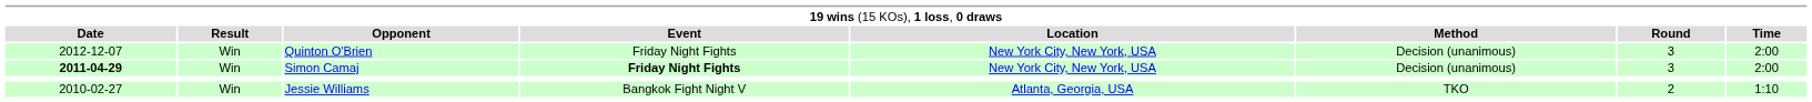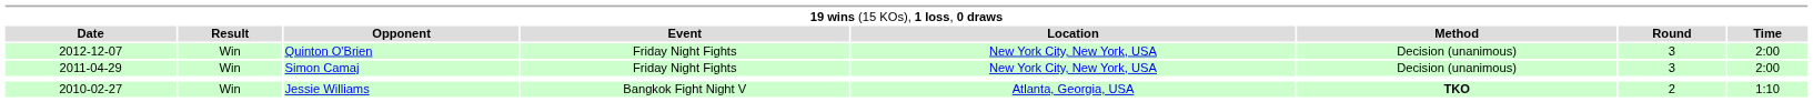 <table class="toccolours" width=100% style="clear:both; margin:1.5em auto; font-size:85%; text-align:center;">
 <tr>
 <th colspan=8 style="background:#A9A9A9"></th>
 </tr>
 <tr valign="top">
 <td colspan=8 style="background:white; color:black;"><strong>19 wins</strong> (15 KOs), <strong>1 loss</strong>, <strong>0 draws</strong></td>
 </tr>
 <tr align="center"  bgcolor="#dddddd">
 <td><strong>Date</strong></td>
 <td><strong>Result</strong></td>
 <td><strong>Opponent</strong></td>
 <td><strong>Event</strong></td>
 <td><strong>Location</strong></td>
 <td><strong>Method</strong></td>
 <td><strong>Round</strong></td>
 <td><strong>Time</strong></td>
 </tr>
 <tr align="center" bgcolor="#CCFFCC">
 <td>2012-12-07</td>
 <td>Win</td>
 <td align=left> <a href='#'>Quinton O'Brien</a></td>
 <td>Friday Night Fights</td>
 <td><a href='#'>New York City, New York, USA</a></td>
 <td>Decision (unanimous)</td>
 <td>3</td>
 <td>2:00</td>
 </tr>
 <tr align="center" bgcolor="#CCFFCC">
-<td><strong>2011-04-29</strong></td>
+<td>2011-04-29</td>
 <td>Win</td>
 <td align=left> <a href='#'>Simon Camaj</a></td>
-<td><strong>Friday Night Fights</strong></td>
+<td>Friday Night Fights</td>
 <td><a href='#'>New York City, New York, USA</a></td>
 <td>Decision (unanimous)</td>
 <td>3</td>
 <td>2:00</td>
 </tr>
 <tr>
 <th style=background:white colspan=9></th>
 </tr>
 <tr align="center" bgcolor="#CCFFCC">
 <td>2010-02-27</td>
 <td>Win</td>
 <td align=left> <a href='#'>Jessie Williams</a></td>
 <td>Bangkok Fight Night V</td>
 <td><a href='#'>Atlanta, Georgia, USA</a></td>
-<td>TKO</td>
+<td><strong>TKO</strong></td>
 <td>2</td>
 <td>1:10</td>
 </tr>
 <tr>
 </tr>
 </table>
